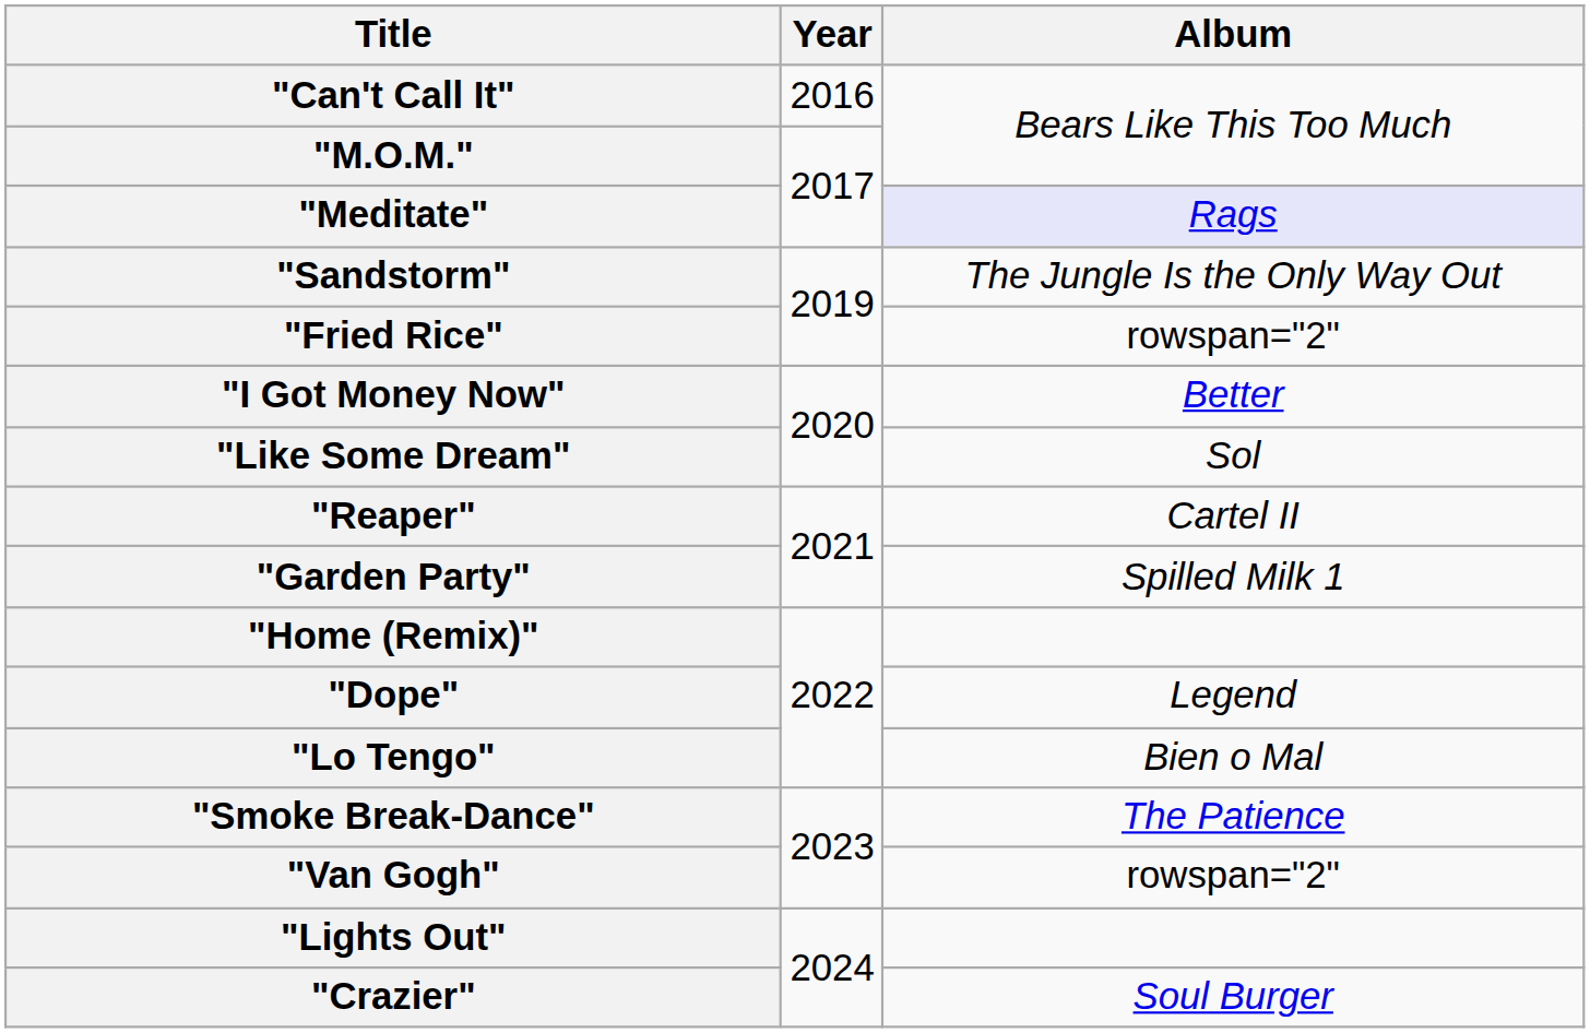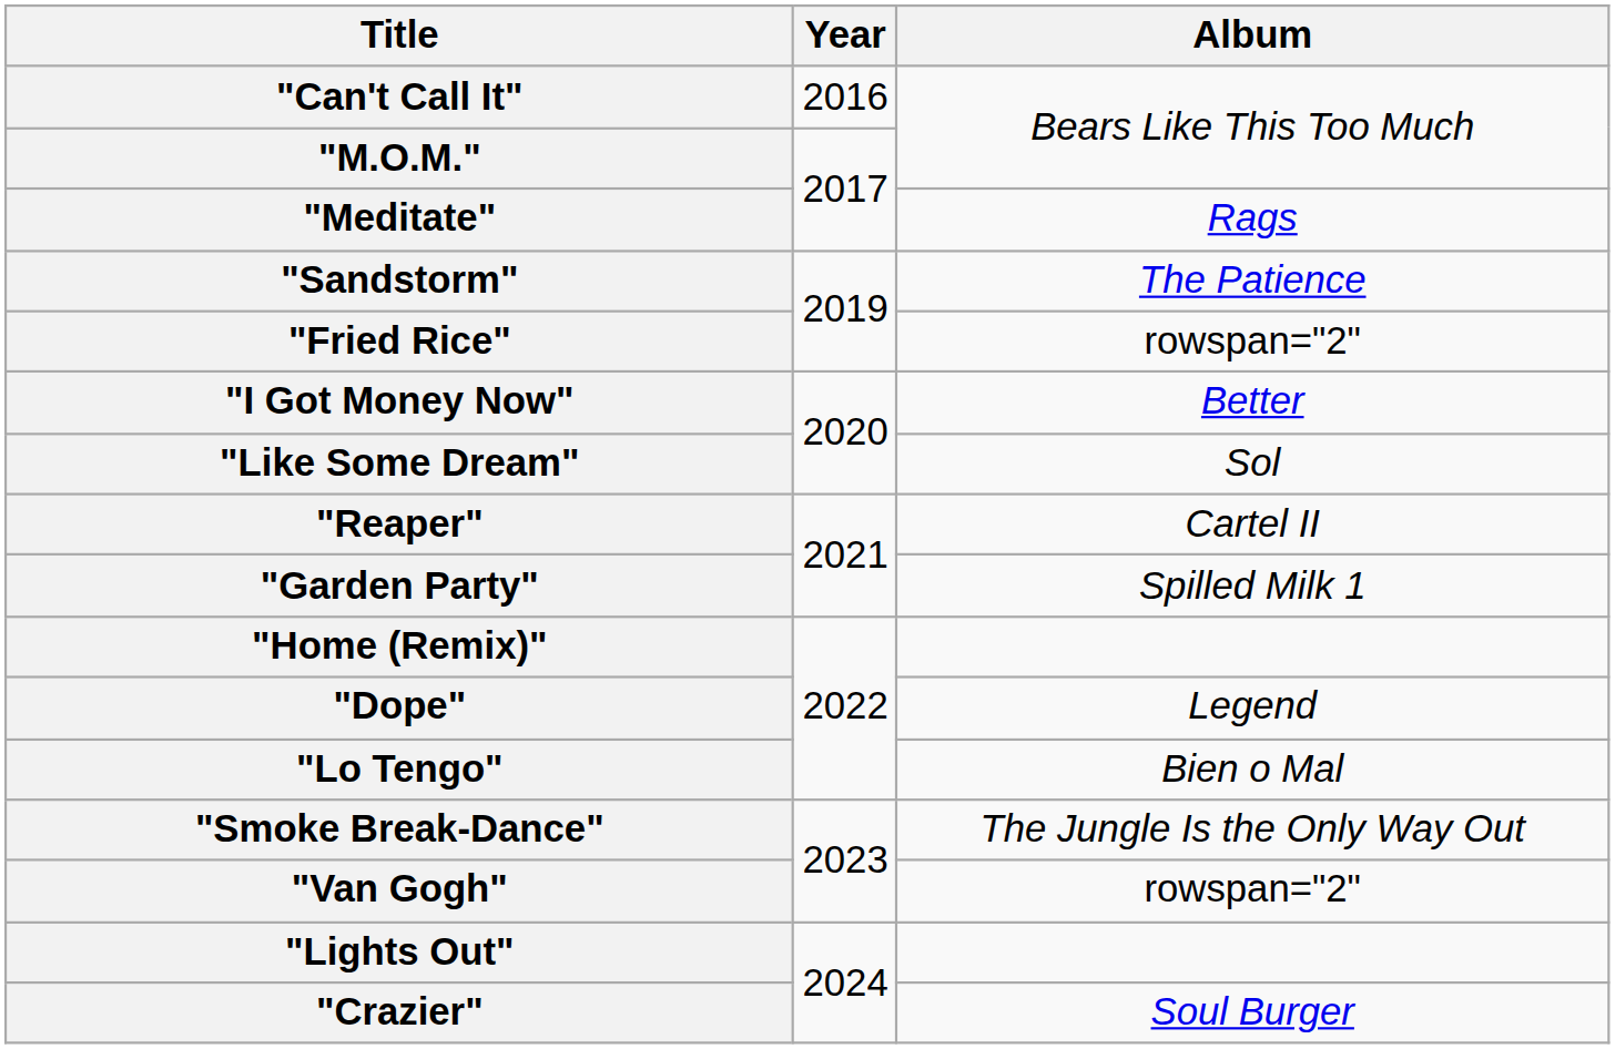 <table class="wikitable plainrowheaders" style="text-align:center;">
 <tr>
 <th scope="col" style="width:20em;">Title</th>
 <th scope="col" style="width:1em;">Year</th>
 <th scope="col" style="width:18em;">Album</th>
 </tr>
 <tr>
 <th scope="row">"Can't Call It"<br></th>
 <td>2016</td>
 <td rowspan="2"><em>Bears Like This Too Much</em></td>
 </tr>
 <tr>
 <th scope="row">"M.O.M."<br></th>
 <td rowspan="2">2017</td>
 </tr>
 <tr>
 <th scope="row">"Meditate"<br></th>
-<td style="background: lavender;"><em><a href='#'>Rags</a></em></td>
+<td><em><a href='#'>Rags</a></em></td>
 </tr>
 <tr>
 <th scope="row">"Sandstorm"<br></th>
 <td rowspan="2">2019</td>
-<td><em>The Jungle Is the Only Way Out</em></td>
+<td><em><a href='#'>The Patience</a></em></td>
 </tr>
 <tr>
 <th scope="row">"Fried Rice"<br></th>
 <td>rowspan="2" </td>
 </tr>
 <tr>
 <th scope=row>"I Got Money Now"<br></th>
 <td rowspan="2">2020</td>
 <td><em><a href='#'>Better</a></em></td>
 </tr>
 <tr>
 <th scope=row>"Like Some Dream"<br></th>
 <td><em>Sol</em></td>
 </tr>
 <tr>
 <th scope=row>"Reaper"<br></th>
 <td rowspan="2">2021</td>
 <td><em>Cartel II</em></td>
 </tr>
 <tr>
 <th scope=row>"Garden Party"<br></th>
 <td><em>Spilled Milk 1</em></td>
 </tr>
 <tr>
 <th scope=row>"Home (Remix)"<br></th>
 <td rowspan="3">2022</td>
 </tr>
 <tr>
 <th scope="row">"Dope"<br></th>
 <td><em>Legend</em></td>
 </tr>
 <tr>
 <th scope="row">"Lo Tengo"<br></th>
 <td><em>Bien o Mal</em></td>
 </tr>
 <tr>
 <th scope="row">"Smoke Break-Dance"<br></th>
 <td rowspan="2">2023</td>
-<td><em><a href='#'>The Patience</a></em></td>
+<td><em>The Jungle Is the Only Way Out</em></td>
 </tr>
 <tr>
 <th scope="row">"Van Gogh"<br></th>
 <td>rowspan="2" </td>
 </tr>
 <tr>
 <th scope="row">"Lights Out"<br></th>
 <td rowspan="2">2024</td>
 </tr>
 <tr>
 <th scope="row">"Crazier"<br></th>
 <td><em><a href='#'>Soul Burger</a></em></td>
 </tr>
 </table>
